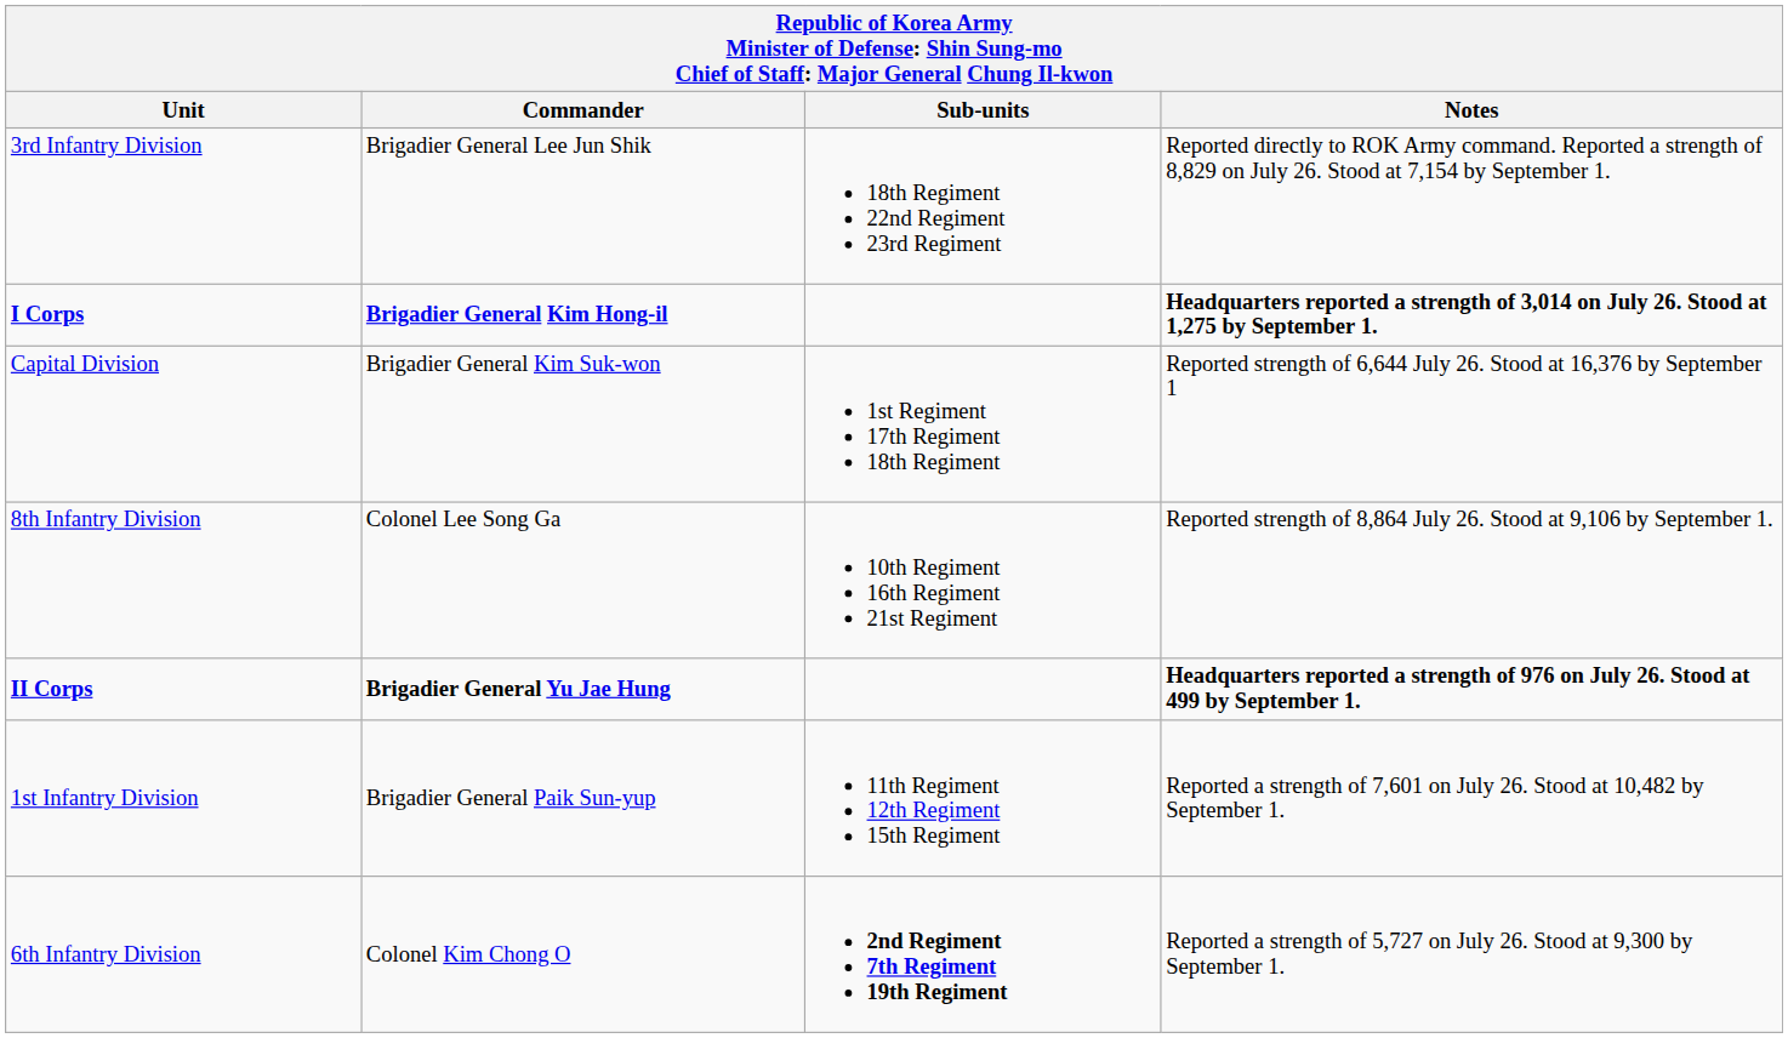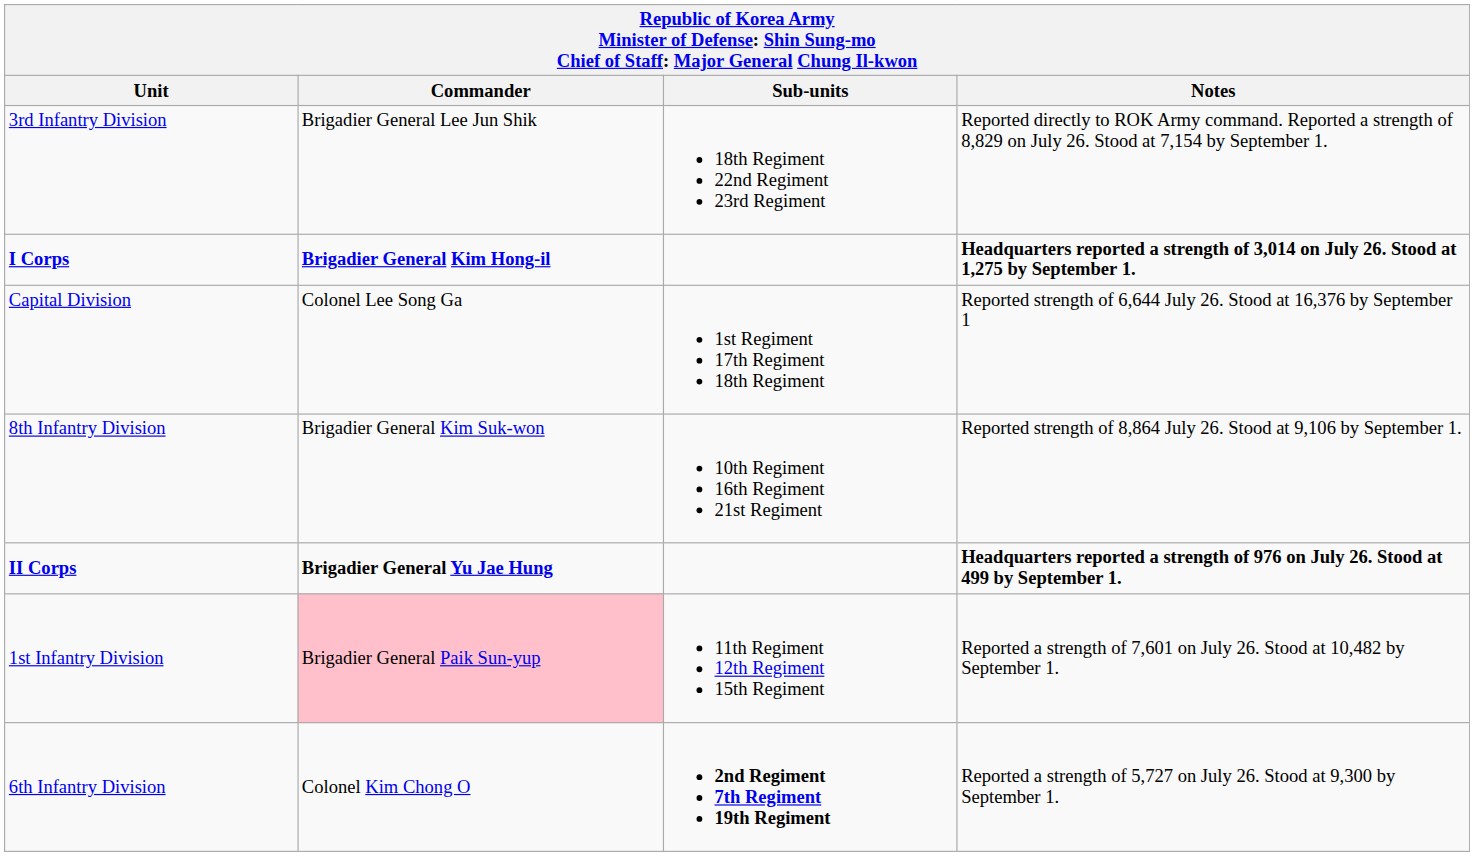 <table class="wikitable" width=100%>
 <tr valign="top">
 <th colspan="11" bgcolor="white">  <a href='#'>Republic of Korea Army</a><br><a href='#'>Minister of Defense</a>: <a href='#'>Shin Sung-mo</a><br> <a href='#'>Chief of Staff</a>: <a href='#'>Major General</a> <a href='#'>Chung Il-kwon</a></th>
 </tr>
 <tr valign="top"|- valign="top">
 <th width=20%; align= center>Unit</th>
 <th width=25%; align= center>Commander</th>
 <th width=20%; align= center>Sub-units</th>
 <th width=35%; align= center>Notes</th>
 </tr>
 <tr valign="top">
 <td> <a href='#'>3rd Infantry Division</a></td>
 <td>Brigadier General Lee Jun Shik</td>
 <td><br><ul><li>18th Regiment</li><li>22nd Regiment</li><li>23rd Regiment</li></ul></td>
 <td>Reported directly to ROK Army command. Reported a strength of 8,829 on July 26. Stood at 7,154 by September 1.</td>
 </tr>
 <tr>
 <td> <strong><a href='#'>I Corps</a></strong></td>
 <td><strong><a href='#'>Brigadier General</a> <a href='#'>Kim Hong-il</a></strong></td>
 <td></td>
 <td><strong>Headquarters reported a strength of 3,014 on July 26. Stood at 1,275 by September 1.</strong></td>
 </tr>
 <tr valign="top">
 <td> <a href='#'>Capital Division</a></td>
-<td>Brigadier General <a href='#'>Kim Suk-won</a></td>
+<td>Colonel Lee Song Ga</td>
 <td><br><ul><li>1st Regiment</li><li>17th Regiment</li><li>18th Regiment</li></ul></td>
 <td>Reported strength of 6,644 July 26. Stood at 16,376 by September 1</td>
 </tr>
 <tr valign="top">
 <td> <a href='#'>8th Infantry Division</a></td>
-<td>Colonel Lee Song Ga</td>
+<td>Brigadier General <a href='#'>Kim Suk-won</a></td>
 <td><br><ul><li>10th Regiment</li><li>16th Regiment</li><li>21st Regiment</li></ul></td>
 <td>Reported strength of 8,864 July 26. Stood at 9,106 by September 1.</td>
 </tr>
 <tr>
 <td> <strong><a href='#'>II Corps</a></strong></td>
 <td><strong>Brigadier General <a href='#'>Yu Jae Hung</a></strong></td>
 <td></td>
 <td><strong>Headquarters reported a strength of 976 on July 26. Stood at 499 by September 1.</strong></td>
 </tr>
 <tr>
 <td> <a href='#'>1st Infantry Division</a></td>
-<td>Brigadier General <a href='#'>Paik Sun-yup</a></td>
+<td style="background: pink;">Brigadier General <a href='#'>Paik Sun-yup</a></td>
 <td><br><ul><li>11th Regiment</li><li><a href='#'>12th Regiment</a></li><li>15th Regiment</li></ul></td>
 <td>Reported a strength of 7,601 on July 26. Stood at 10,482 by September 1.</td>
 </tr>
 <tr>
 <td> <a href='#'>6th Infantry Division</a></td>
 <td>Colonel <a href='#'>Kim Chong O</a></td>
 <td><strong><br><ul><li>2nd Regiment</li><li><a href='#'>7th Regiment</a></li><li>19th Regiment</li></ul></strong></td>
 <td>Reported a strength of 5,727 on July 26. Stood at 9,300 by September 1.</td>
 </tr>
 </table>
